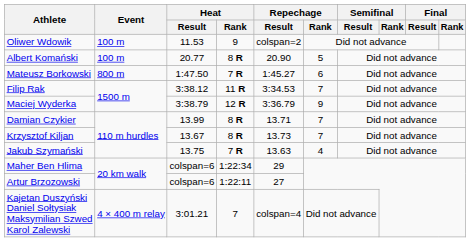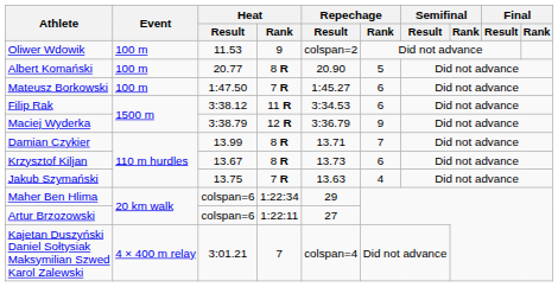 <table class="wikitable" style="text-align:center; font-size:90%">
 <tr>
 <th rowspan=2>Athlete</th>
 <th rowspan=2>Event</th>
 <th colspan=2>Heat</th>
 <th colspan=2>Repechage</th>
 <th colspan=2>Semifinal</th>
 <th colspan=2>Final</th>
 </tr>
 <tr style="font-size:95%">
 <th>Result</th>
 <th>Rank</th>
 <th>Result</th>
 <th>Rank</th>
 <th>Result</th>
 <th>Rank</th>
 <th>Result</th>
 <th>Rank</th>
 </tr>
 <tr>
 <td align=left><a href='#'>Oliwer Wdowik</a></td>
 <td align=left><a href='#'>100 m</a></td>
 <td>11.53</td>
 <td>9</td>
 <td>colspan=2 </td>
 <td colspan=4>Did not advance</td>
 </tr>
 <tr>
 <td align=left><a href='#'>Albert Komański</a></td>
 <td align=left><a href='#'>100 m</a></td>
 <td>20.77</td>
 <td>8 <strong>R</strong></td>
 <td>20.90</td>
 <td>5</td>
 <td colspan=4>Did not advance</td>
 </tr>
 <tr>
 <td align=left><a href='#'>Mateusz Borkowski</a></td>
-<td align=left><a href='#'>800 m</a></td>
+<td align=left><a href='#'>100 m</a></td>
 <td>1:47.50</td>
 <td>7 <strong>R</strong></td>
 <td>1:45.27</td>
 <td>6</td>
 <td colspan=4>Did not advance</td>
 </tr>
 <tr>
 <td align=left><a href='#'>Filip Rak</a></td>
 <td rowspan=2 align=left><a href='#'>1500 m</a></td>
 <td>3:38.12</td>
 <td>11 <strong>R</strong></td>
 <td>3:34.53</td>
-<td>7</td>
+<td>6</td>
 <td colspan=4>Did not advance</td>
 </tr>
 <tr>
 <td align=left><a href='#'>Maciej Wyderka</a></td>
 <td>3:38.79</td>
 <td>12 <strong>R</strong></td>
 <td>3:36.79</td>
 <td>9</td>
 <td colspan=4>Did not advance</td>
 </tr>
 <tr>
 <td align=left><a href='#'>Damian Czykier</a></td>
 <td rowspan=3 align=left><a href='#'>110 m hurdles</a></td>
 <td>13.99</td>
 <td>8 <strong>R</strong></td>
 <td>13.71</td>
 <td>7</td>
 <td colspan=4>Did not advance</td>
 </tr>
 <tr>
 <td align=left><a href='#'>Krzysztof Kiljan</a></td>
 <td>13.67</td>
 <td>8 <strong>R</strong></td>
 <td>13.73</td>
-<td>7</td>
+<td>6</td>
 <td colspan=4>Did not advance</td>
 </tr>
 <tr>
 <td align=left><a href='#'>Jakub Szymański</a></td>
 <td>13.75</td>
 <td>7 <strong>R</strong></td>
 <td>13.63</td>
 <td>4</td>
 <td colspan=4>Did not advance</td>
 </tr>
 <tr>
 <td align=left><a href='#'>Maher Ben Hlima</a></td>
 <td rowspan=2 align=left><a href='#'>20 km walk</a></td>
 <td>colspan=6 </td>
 <td>1:22:34</td>
 <td>29</td>
 </tr>
 <tr>
 <td align=left><a href='#'>Artur Brzozowski</a></td>
 <td>colspan=6 </td>
 <td>1:22:11</td>
 <td>27</td>
 </tr>
 <tr>
 <td align=left><a href='#'>Kajetan Duszyński</a><br><a href='#'>Daniel Sołtysiak</a><br><a href='#'>Maksymilian Szwed</a><br><a href='#'>Karol Zalewski</a></td>
 <td align=left><a href='#'>4 × 400 m relay</a></td>
 <td>3:01.21</td>
 <td>7</td>
 <td>colspan=4 </td>
 <td colspan=2>Did not advance</td>
 </tr>
 </table>
